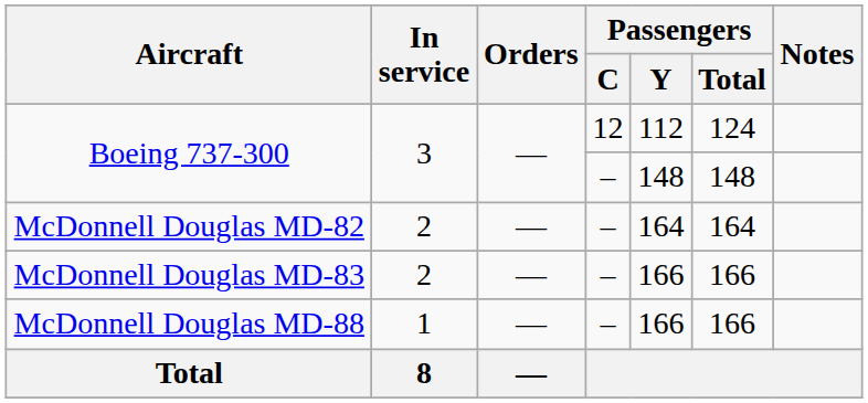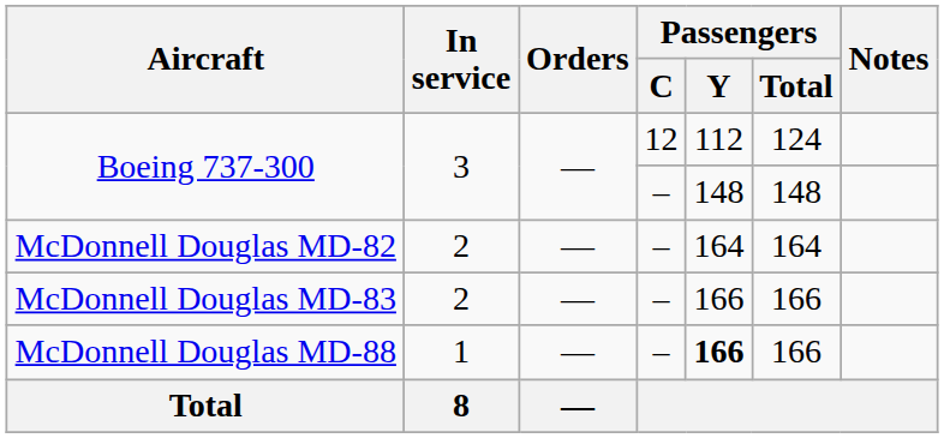 <table class="wikitable" style="margin:0.5em auto; text-align:center">
 <tr>
 <th rowspan=2>Aircraft</th>
 <th rowspan=2>In <br> service</th>
 <th rowspan=2>Orders</th>
 <th colspan=3>Passengers</th>
 <th rowspan=2>Notes</th>
 </tr>
 <tr>
 <th><abbr>C</abbr></th>
 <th><abbr>Y</abbr></th>
 <th>Total</th>
 </tr>
 <tr>
 <td rowspan=2><a href='#'>Boeing 737-300</a></td>
 <td rowspan=2>3</td>
 <td rowspan=2>—</td>
 <td>12</td>
 <td>112</td>
 <td>124</td>
 <td></td>
 </tr>
 <tr>
 <td>–</td>
 <td>148</td>
 <td>148</td>
 <td></td>
 </tr>
 <tr>
 <td><a href='#'>McDonnell Douglas MD-82</a></td>
 <td>2</td>
 <td>—</td>
 <td>–</td>
 <td>164</td>
 <td>164</td>
 <td></td>
 </tr>
 <tr>
 <td><a href='#'>McDonnell Douglas MD-83</a></td>
 <td>2</td>
 <td>—</td>
 <td>–</td>
 <td>166</td>
 <td>166</td>
 <td></td>
 </tr>
 <tr>
 <td><a href='#'>McDonnell Douglas MD-88</a></td>
 <td>1</td>
 <td>—</td>
 <td>–</td>
-<td>166</td>
+<td><strong>166</strong></td>
 <td>166</td>
 <td></td>
 </tr>
 <tr>
 <th>Total</th>
 <th>8</th>
 <th>—</th>
 <th colspan=6></th>
 </tr>
 </table>
